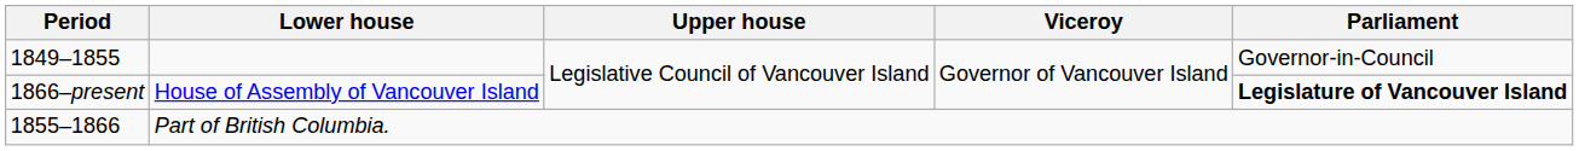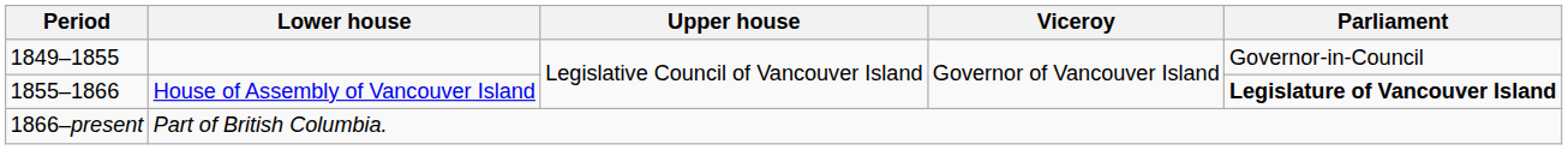 <table class="wikitable">
 <tr>
 <th>Period</th>
 <th>Lower house</th>
 <th>Upper house</th>
 <th>Viceroy</th>
 <th>Parliament</th>
 </tr>
 <tr>
 <td>1849–1855</td>
 <td></td>
 <td rowspan="2">Legislative Council of Vancouver Island</td>
 <td rowspan="2">Governor of Vancouver Island</td>
 <td>Governor-in-Council</td>
 </tr>
 <tr>
-<td>1866–<em>present</em></td>
+<td>1855–1866</td>
 <td><a href='#'>House of Assembly of Vancouver Island</a></td>
 <td><strong>Legislature of Vancouver Island</strong></td>
 </tr>
 <tr>
-<td>1855–1866</td>
+<td>1866–<em>present</em></td>
 <td colspan="4"><em>Part of British Columbia.</em></td>
 </tr>
 </table>
